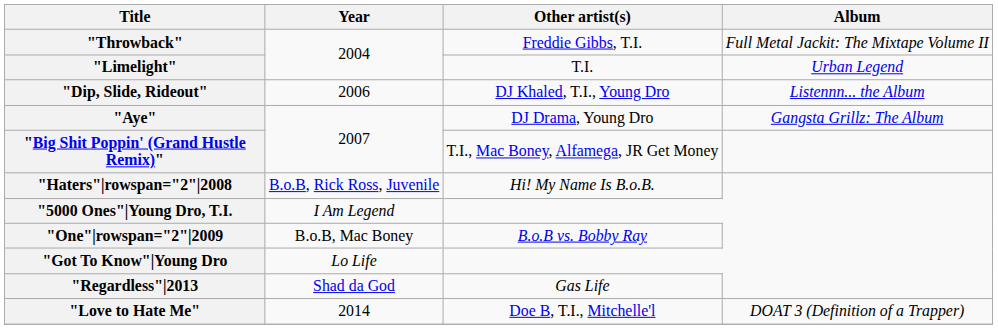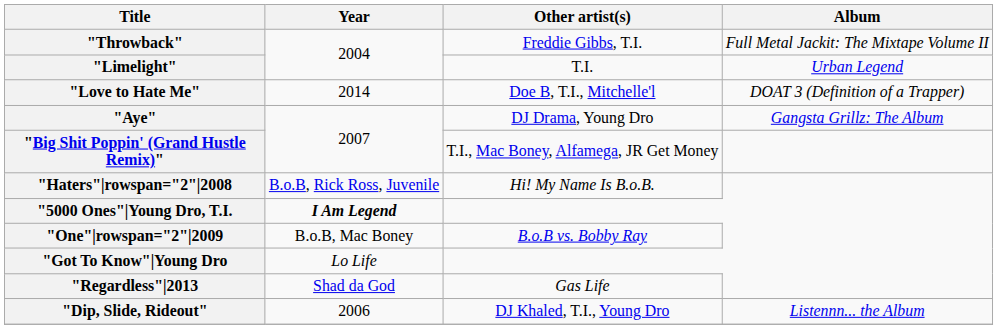 <table class="wikitable plainrowheaders" style="text-align:center;">
 <tr>
 <th scope="col" style="width:16em;">Title</th>
 <th scope="col">Year</th>
 <th scope="col">Other artist(s)</th>
 <th scope="col">Album</th>
 </tr>
 <tr>
 <th scope="row">"Throwback"</th>
 <td rowspan="2">2004</td>
 <td><a href='#'>Freddie Gibbs</a>, T.I.</td>
 <td><em>Full Metal Jackit: The Mixtape Volume II</em></td>
 </tr>
 <tr>
 <th scope="row">"Limelight"</th>
 <td>T.I.</td>
 <td><em><a href='#'>Urban Legend</a></em></td>
 </tr>
 <tr>
-<th scope="row">"Dip, Slide, Rideout"</th>
-<td rowspan="1">2006</td>
-<td><a href='#'>DJ Khaled</a>, T.I., <a href='#'>Young Dro</a></td>
-<td><em><a href='#'>Listennn... the Album</a></em></td>
+<th scope="row">"Love to Hate Me"</th>
+<td rowspan="1">2014</td>
+<td><a href='#'>Doe B</a>, T.I., <a href='#'>Mitchelle'l</a></td>
+<td rowspan="1"><em>DOAT 3 (Definition of a Trapper)</em></td>
 </tr>
 <tr>
 <th scope="row">"Aye"</th>
 <td rowspan="2">2007</td>
 <td><a href='#'>DJ Drama</a>, Young Dro</td>
 <td><em><a href='#'>Gangsta Grillz: The Album</a></em></td>
 </tr>
 <tr>
 <th scope="row">"<a href='#'>Big Shit Poppin' (Grand Hustle Remix)</a>"</th>
 <td>T.I., <a href='#'>Mac Boney</a>, <a href='#'>Alfamega</a>, JR Get Money</td>
 <td></td>
 </tr>
 <tr>
 <th scope="row">"Haters"|rowspan="2"|2008</th>
 <td><a href='#'>B.o.B</a>, <a href='#'>Rick Ross</a>, <a href='#'>Juvenile</a></td>
 <td><em>Hi! My Name Is B.o.B.</em></td>
 </tr>
 <tr>
 <th scope="row">"5000 Ones"|Young Dro, T.I.</th>
-<td><em>I Am Legend</em></td>
+<td><strong><em>I Am Legend</em></strong></td>
 </tr>
 <tr>
 <th scope="row">"One"|rowspan="2"|2009</th>
 <td>B.o.B, Mac Boney</td>
 <td><em><a href='#'>B.o.B vs. Bobby Ray</a></em></td>
 </tr>
 <tr>
 <th scope="row">"Got To Know"|Young Dro</th>
 <td><em>Lo Life</em></td>
 </tr>
 <tr>
 <th scope="row">"Regardless"|2013</th>
 <td><a href='#'>Shad da God</a></td>
 <td><em>Gas Life</em></td>
 </tr>
 <tr>
-<th scope="row">"Love to Hate Me"</th>
-<td rowspan="1">2014</td>
-<td><a href='#'>Doe B</a>, T.I., <a href='#'>Mitchelle'l</a></td>
-<td rowspan="1"><em>DOAT 3 (Definition of a Trapper)</em></td>
+<th scope="row">"Dip, Slide, Rideout"</th>
+<td rowspan="1">2006</td>
+<td><a href='#'>DJ Khaled</a>, T.I., <a href='#'>Young Dro</a></td>
+<td><em><a href='#'>Listennn... the Album</a></em></td>
 </tr>
 <tr>
 </tr>
 </table>
